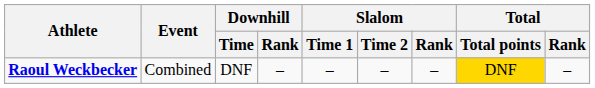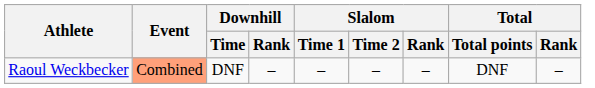 <table class="wikitable" style="font-size:90%">
 <tr>
 <th rowspan="2">Athlete</th>
 <th rowspan="2">Event</th>
 <th colspan="2">Downhill</th>
 <th colspan="3">Slalom</th>
 <th colspan="2">Total</th>
 </tr>
 <tr>
 <th>Time</th>
 <th>Rank</th>
 <th>Time 1</th>
 <th>Time 2</th>
 <th>Rank</th>
 <th>Total points</th>
 <th>Rank</th>
 </tr>
 <tr>
-<td><strong><a href='#'>Raoul Weckbecker</a></strong></td>
-<td>Combined</td>
+<td><a href='#'>Raoul Weckbecker</a></td>
+<td style="background: lightsalmon;">Combined</td>
 <td align="center">DNF</td>
 <td align="center">–</td>
 <td align="center">–</td>
 <td align="center">–</td>
 <td align="center">–</td>
-<td align="center" style="background: gold;">DNF</td>
+<td align="center">DNF</td>
 <td align="center">–</td>
 </tr>
 </table>
